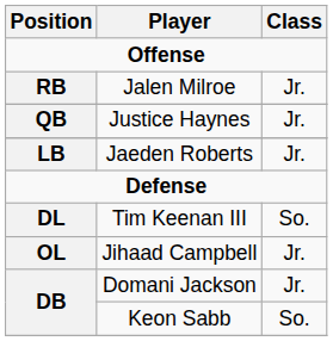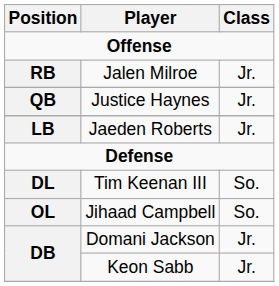 <table class="wikitable">
 <tr>
 <th>Position</th>
 <th>Player</th>
 <th>Class</th>
 </tr>
 <tr>
 <td colspan="4" style="text-align:center; "><strong>Offense</strong></td>
 </tr>
 <tr style="text-align:center;">
 <th rowspan="1">RB</th>
 <td>Jalen Milroe</td>
 <td>Jr.</td>
 </tr>
 <tr>
 </tr>
 <tr style="text-align:center;">
 <th rowspan="1">QB</th>
 <td>Justice Haynes</td>
 <td>Jr.</td>
 </tr>
 <tr>
 </tr>
 <tr style="text-align:center;">
 <th rowspan="1">LB</th>
 <td>Jaeden Roberts</td>
 <td>Jr.</td>
 </tr>
 <tr>
 <td colspan="4" style="text-align:center; "><strong>Defense</strong></td>
 </tr>
 <tr style="text-align:center;">
 <th rowspan="1">DL</th>
 <td>Tim Keenan III</td>
 <td>So.</td>
 </tr>
 <tr style="text-align:center;">
 <th rowspan="1">OL</th>
 <td>Jihaad Campbell</td>
-<td>Jr.</td>
+<td>So.</td>
 </tr>
 <tr style="text-align:center;">
 <th rowspan="2">DB</th>
 <td>Domani Jackson</td>
 <td>Jr.</td>
 </tr>
 <tr style="text-align:center;">
 <td>Keon Sabb</td>
-<td>So.</td>
+<td>Jr.</td>
 </tr>
 <tr>
 </tr>
 </table>
